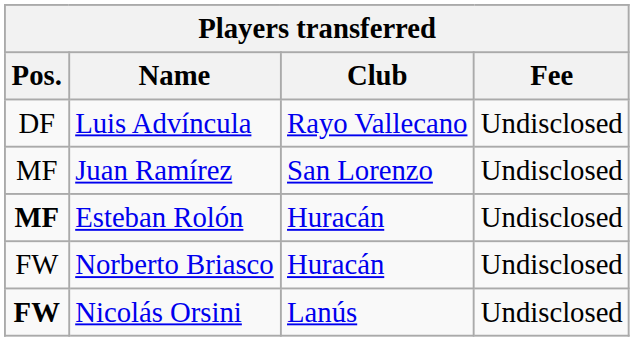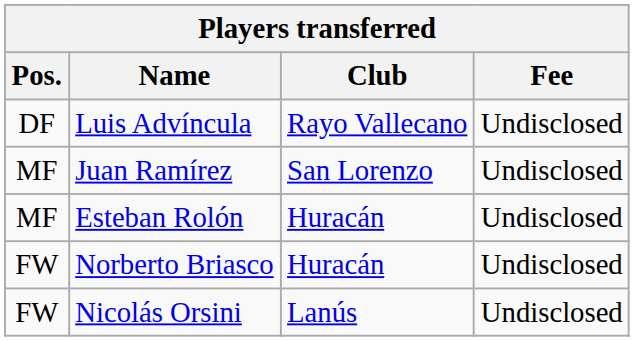 <table class="wikitable" style="font-size:95%;">
 <tr>
 <th colspan="5">Players transferred</th>
 </tr>
 <tr>
 <th>Pos.</th>
 <th>Name</th>
 <th>Club</th>
 <th>Fee</th>
 </tr>
 <tr>
 <td align="center">DF</td>
 <td> <a href='#'>Luis Advíncula</a></td>
 <td> <a href='#'>Rayo Vallecano</a></td>
 <td>Undisclosed</td>
 </tr>
 <tr>
 <td align="center">MF</td>
 <td> <a href='#'>Juan Ramírez</a></td>
 <td> <a href='#'>San Lorenzo</a></td>
 <td>Undisclosed</td>
 </tr>
 <tr>
-<td align="center"><strong>MF</strong></td>
+<td align="center">MF</td>
 <td> <a href='#'>Esteban Rolón</a></td>
 <td> <a href='#'>Huracán</a></td>
 <td>Undisclosed</td>
 </tr>
 <tr>
 <td align="center">FW</td>
 <td> <a href='#'>Norberto Briasco</a></td>
 <td> <a href='#'>Huracán</a></td>
 <td>Undisclosed</td>
 </tr>
 <tr>
-<td align="center"><strong>FW</strong></td>
+<td align="center">FW</td>
 <td> <a href='#'>Nicolás Orsini</a></td>
 <td> <a href='#'>Lanús</a></td>
 <td>Undisclosed</td>
 </tr>
 </table>
